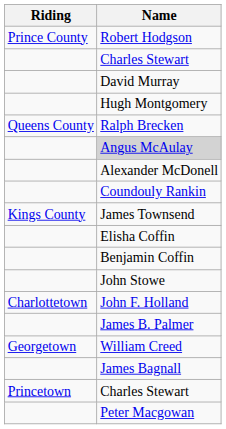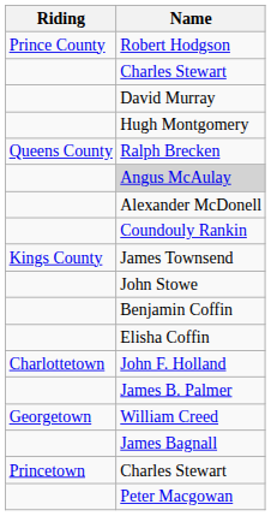 <table class="wikitable">
 <tr>
 <th>Riding</th>
 <th>Name</th>
 </tr>
 <tr>
 <td><a href='#'>Prince County</a></td>
 <td><a href='#'>Robert Hodgson</a></td>
 </tr>
 <tr>
 <td></td>
 <td><a href='#'>Charles Stewart</a></td>
 </tr>
 <tr>
 <td></td>
 <td>David Murray</td>
 </tr>
 <tr>
 <td></td>
 <td>Hugh Montgomery</td>
 </tr>
 <tr>
 <td><a href='#'>Queens County</a></td>
 <td><a href='#'>Ralph Brecken</a></td>
 </tr>
 <tr>
 <td></td>
 <td style="background: lightgrey;"><a href='#'>Angus McAulay</a></td>
 </tr>
 <tr>
 <td></td>
 <td>Alexander McDonell</td>
 </tr>
 <tr>
 <td></td>
 <td><a href='#'>Coundouly Rankin</a></td>
 </tr>
 <tr>
 <td><a href='#'>Kings County</a></td>
 <td>James Townsend</td>
 </tr>
 <tr>
 <td></td>
-<td>Elisha Coffin</td>
+<td>John Stowe</td>
 </tr>
 <tr>
 <td></td>
 <td>Benjamin Coffin</td>
 </tr>
 <tr>
 <td></td>
-<td>John Stowe</td>
+<td>Elisha Coffin</td>
 </tr>
 <tr>
 <td><a href='#'>Charlottetown</a></td>
 <td><a href='#'>John F. Holland</a></td>
 </tr>
 <tr>
 <td></td>
 <td><a href='#'>James B. Palmer</a></td>
 </tr>
 <tr>
 <td><a href='#'>Georgetown</a></td>
 <td><a href='#'>William Creed</a></td>
 </tr>
 <tr>
 <td></td>
 <td><a href='#'>James Bagnall</a></td>
 </tr>
 <tr>
 <td><a href='#'>Princetown</a></td>
 <td>Charles Stewart</td>
 </tr>
 <tr>
 <td></td>
 <td><a href='#'>Peter Macgowan</a></td>
 </tr>
 </table>
